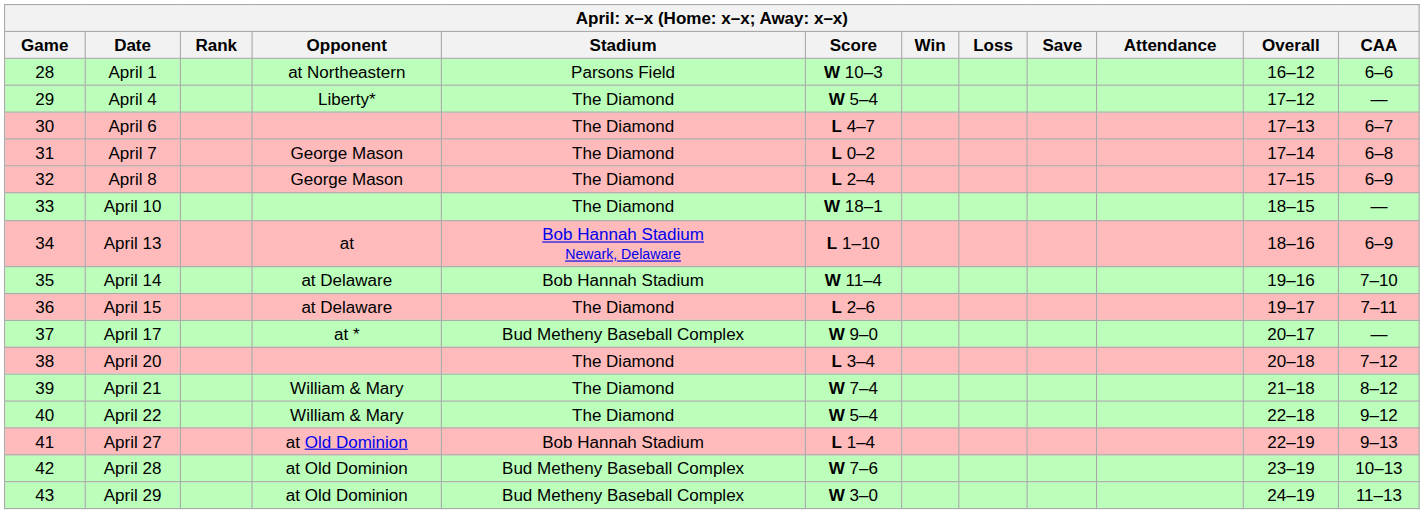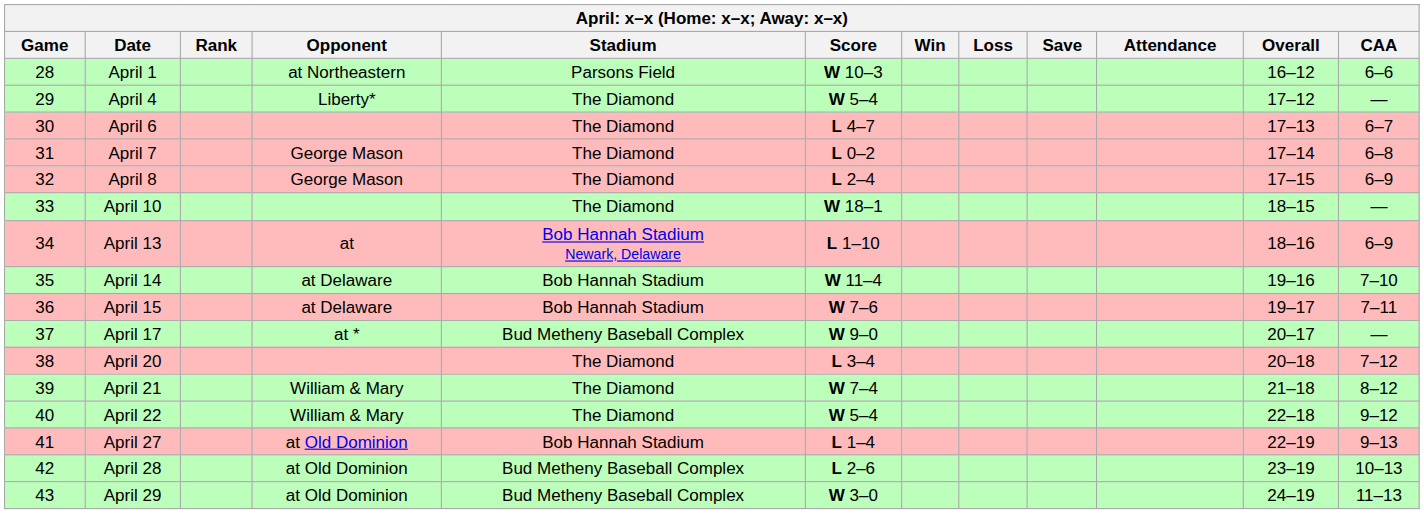 <table class="wikitable collapsible collapsed" style="margin:auto; width:100%; text-align:center; font-size:95%">
 <tr>
 <th colspan=12>April: x–x (Home: x–x; Away: x–x)</th>
 </tr>
 <tr>
 <th>Game</th>
 <th>Date</th>
 <th>Rank</th>
 <th>Opponent</th>
 <th>Stadium</th>
 <th>Score</th>
 <th>Win</th>
 <th>Loss</th>
 <th>Save</th>
 <th>Attendance</th>
 <th>Overall</th>
 <th>CAA</th>
 </tr>
 <tr style="text-align:center; background:#bfb;">
 <td>28</td>
 <td>April 1</td>
 <td></td>
 <td>at Northeastern</td>
 <td>Parsons Field</td>
 <td><strong>W</strong> 10–3</td>
 <td></td>
 <td></td>
 <td></td>
 <td></td>
 <td>16–12</td>
 <td>6–6</td>
 </tr>
 <tr style="text-align:center; background:#bfb;">
 <td>29</td>
 <td>April 4</td>
 <td></td>
 <td>Liberty*</td>
 <td>The Diamond</td>
 <td><strong>W</strong> 5–4</td>
 <td></td>
 <td></td>
 <td></td>
 <td></td>
 <td>17–12</td>
 <td>—</td>
 </tr>
 <tr style="text-align:center; background:#fbb;">
 <td>30</td>
 <td>April 6</td>
 <td></td>
 <td></td>
 <td>The Diamond</td>
 <td><strong>L</strong> 4–7</td>
 <td></td>
 <td></td>
 <td></td>
 <td></td>
 <td>17–13</td>
 <td>6–7</td>
 </tr>
 <tr style="text-align:center; background:#fbb;">
 <td>31</td>
 <td>April 7</td>
 <td></td>
 <td>George Mason</td>
 <td>The Diamond</td>
 <td><strong>L</strong> 0–2</td>
 <td></td>
 <td></td>
 <td></td>
 <td></td>
 <td>17–14</td>
 <td>6–8</td>
 </tr>
 <tr style="text-align:center; background:#fbb;">
 <td>32</td>
 <td>April 8</td>
 <td></td>
 <td>George Mason</td>
 <td>The Diamond</td>
 <td><strong>L</strong> 2–4</td>
 <td></td>
 <td></td>
 <td></td>
 <td></td>
 <td>17–15</td>
 <td>6–9</td>
 </tr>
 <tr style="text-align:center; background:#bfb;">
 <td>33</td>
 <td>April 10</td>
 <td></td>
 <td></td>
 <td>The Diamond</td>
 <td><strong>W</strong> 18–1</td>
 <td></td>
 <td></td>
 <td></td>
 <td></td>
 <td>18–15</td>
 <td>—</td>
 </tr>
 <tr style="text-align:center; background:#fbb;">
 <td>34</td>
 <td>April 13</td>
 <td></td>
 <td>at </td>
 <td><a href='#'>Bob Hannah Stadium</a><br><small><a href='#'>Newark, Delaware</a></small></td>
 <td><strong>L</strong> 1–10</td>
 <td></td>
 <td></td>
 <td></td>
 <td></td>
 <td>18–16</td>
 <td>6–9</td>
 </tr>
 <tr style="text-align:center; background:#bfb;">
 <td>35</td>
 <td>April 14</td>
 <td></td>
 <td>at Delaware</td>
 <td>Bob Hannah Stadium</td>
 <td><strong>W</strong> 11–4</td>
 <td></td>
 <td></td>
 <td></td>
 <td></td>
 <td>19–16</td>
 <td>7–10</td>
 </tr>
 <tr style="text-align:center; background:#fbb;">
 <td>36</td>
 <td>April 15</td>
 <td></td>
 <td>at Delaware</td>
-<td>The Diamond</td>
-<td><strong>L</strong> 2–6</td>
+<td>Bob Hannah Stadium</td>
+<td><strong>W</strong> 7–6</td>
 <td></td>
 <td></td>
 <td></td>
 <td></td>
 <td>19–17</td>
 <td>7–11</td>
 </tr>
 <tr style="text-align:center; background:#bfb;">
 <td>37</td>
 <td>April 17</td>
 <td></td>
 <td>at *</td>
 <td>Bud Metheny Baseball Complex</td>
 <td><strong>W</strong> 9–0</td>
 <td></td>
 <td></td>
 <td></td>
 <td></td>
 <td>20–17</td>
 <td>—</td>
 </tr>
 <tr style="text-align:center; background:#fbb;">
 <td>38</td>
 <td>April 20</td>
 <td></td>
 <td></td>
 <td>The Diamond</td>
 <td><strong>L</strong> 3–4</td>
 <td></td>
 <td></td>
 <td></td>
 <td></td>
 <td>20–18</td>
 <td>7–12</td>
 </tr>
 <tr style="text-align:center; background:#bfb;">
 <td>39</td>
 <td>April 21</td>
 <td></td>
 <td>William & Mary</td>
 <td>The Diamond</td>
 <td><strong>W</strong> 7–4</td>
 <td></td>
 <td></td>
 <td></td>
 <td></td>
 <td>21–18</td>
 <td>8–12</td>
 </tr>
 <tr style="text-align:center; background:#bfb;">
 <td>40</td>
 <td>April 22</td>
 <td></td>
 <td>William & Mary</td>
 <td>The Diamond</td>
 <td><strong>W</strong> 5–4</td>
 <td></td>
 <td></td>
 <td></td>
 <td></td>
 <td>22–18</td>
 <td>9–12</td>
 </tr>
 <tr style="text-align:center; background:#fbb;">
 <td>41</td>
 <td>April 27</td>
 <td></td>
 <td>at <a href='#'>Old Dominion</a></td>
 <td>Bob Hannah Stadium</td>
 <td><strong>L</strong> 1–4</td>
 <td></td>
 <td></td>
 <td></td>
 <td></td>
 <td>22–19</td>
 <td>9–13</td>
 </tr>
 <tr style="text-align:center; background:#bfb;">
 <td>42</td>
 <td>April 28</td>
 <td></td>
 <td>at Old Dominion</td>
 <td>Bud Metheny Baseball Complex</td>
-<td><strong>W</strong> 7–6</td>
+<td><strong>L</strong> 2–6</td>
 <td></td>
 <td></td>
 <td></td>
 <td></td>
 <td>23–19</td>
 <td>10–13</td>
 </tr>
 <tr style="text-align:center; background:#bfb;">
 <td>43</td>
 <td>April 29</td>
 <td></td>
 <td>at Old Dominion</td>
 <td>Bud Metheny Baseball Complex</td>
 <td><strong>W</strong> 3–0</td>
 <td></td>
 <td></td>
 <td></td>
 <td></td>
 <td>24–19</td>
 <td>11–13</td>
 </tr>
 </table>
